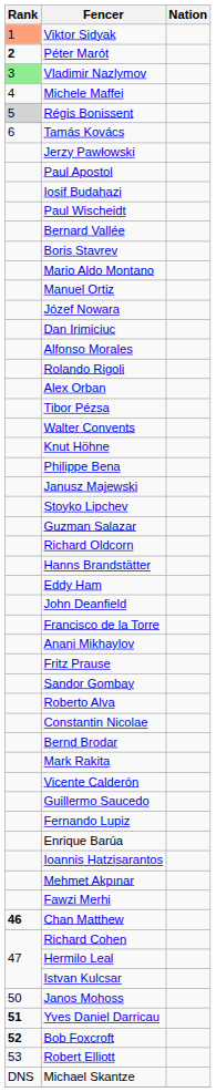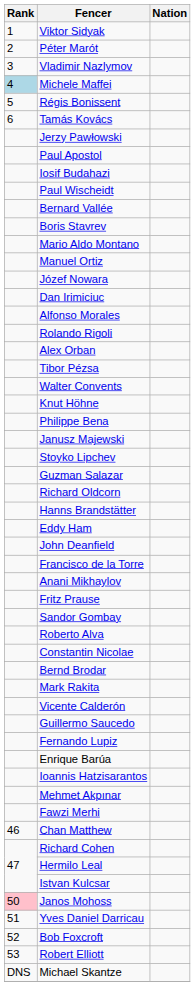 <table class="wikitable sortable" style="text-align: left;">
 <tr>
 <th>Rank</th>
 <th>Fencer</th>
 <th>Nation</th>
 </tr>
 <tr>
-<td style="background: lightsalmon;">1</td>
+<td>1</td>
 <td align=left><a href='#'>Viktor Sidyak</a></td>
 <td align=left></td>
 </tr>
 <tr>
-<td><strong>2</strong></td>
+<td>2</td>
 <td align=left><a href='#'>Péter Marót</a></td>
 <td align=left></td>
 </tr>
 <tr>
-<td style="background: lightgreen;">3</td>
+<td>3</td>
 <td align=left><a href='#'>Vladimir Nazlymov</a></td>
 <td align=left></td>
 </tr>
 <tr>
-<td>4</td>
+<td style="background: lightblue;">4</td>
 <td align=left><a href='#'>Michele Maffei</a></td>
 <td align=left></td>
 </tr>
 <tr>
-<td style="background: lightgrey;">5</td>
+<td>5</td>
 <td align=left><a href='#'>Régis Bonissent</a></td>
 <td align=left></td>
 </tr>
 <tr>
 <td>6</td>
 <td align=left><a href='#'>Tamás Kovács</a></td>
 <td align=left></td>
 </tr>
 <tr>
 <td></td>
 <td align=left><a href='#'>Jerzy Pawłowski</a></td>
 <td align=left></td>
 </tr>
 <tr>
 <td></td>
 <td align=left><a href='#'>Paul Apostol</a></td>
 <td align=left></td>
 </tr>
 <tr>
 <td></td>
 <td align=left><a href='#'>Iosif Budahazi</a></td>
 <td align=left></td>
 </tr>
 <tr>
 <td></td>
 <td align=left><a href='#'>Paul Wischeidt</a></td>
 <td align=left></td>
 </tr>
 <tr>
 <td></td>
 <td align=left><a href='#'>Bernard Vallée</a></td>
 <td align=left></td>
 </tr>
 <tr>
 <td></td>
 <td align=left><a href='#'>Boris Stavrev</a></td>
 <td align=left></td>
 </tr>
 <tr>
 <td></td>
 <td align=left><a href='#'>Mario Aldo Montano</a></td>
 <td align=left></td>
 </tr>
 <tr>
 <td></td>
 <td align=left><a href='#'>Manuel Ortiz</a></td>
 <td align=left></td>
 </tr>
 <tr>
 <td></td>
 <td align=left><a href='#'>Józef Nowara</a></td>
 <td align=left></td>
 </tr>
 <tr>
 <td></td>
 <td align=left><a href='#'>Dan Irimiciuc</a></td>
 <td align=left></td>
 </tr>
 <tr>
 <td></td>
 <td align=left><a href='#'>Alfonso Morales</a></td>
 <td align=left></td>
 </tr>
 <tr>
 <td></td>
 <td align=left><a href='#'>Rolando Rigoli</a></td>
 <td align=left></td>
 </tr>
 <tr>
 <td></td>
 <td align=left><a href='#'>Alex Orban</a></td>
 <td align=left></td>
 </tr>
 <tr>
 <td></td>
 <td align=left><a href='#'>Tibor Pézsa</a></td>
 <td align=left></td>
 </tr>
 <tr>
 <td></td>
 <td align=left><a href='#'>Walter Convents</a></td>
 <td align=left></td>
 </tr>
 <tr>
 <td></td>
 <td align=left><a href='#'>Knut Höhne</a></td>
 <td align=left></td>
 </tr>
 <tr>
 <td></td>
 <td align=left><a href='#'>Philippe Bena</a></td>
 <td align=left></td>
 </tr>
 <tr>
 <td></td>
 <td align=left><a href='#'>Janusz Majewski</a></td>
 <td align=left></td>
 </tr>
 <tr>
 <td></td>
 <td align=left><a href='#'>Stoyko Lipchev</a></td>
 <td align=left></td>
 </tr>
 <tr>
 <td></td>
 <td align=left><a href='#'>Guzman Salazar</a></td>
 <td align=left></td>
 </tr>
 <tr>
 <td></td>
 <td align=left><a href='#'>Richard Oldcorn</a></td>
 <td align=left></td>
 </tr>
 <tr>
 <td></td>
 <td align=left><a href='#'>Hanns Brandstätter</a></td>
 <td align=left></td>
 </tr>
 <tr>
 <td></td>
 <td align=left><a href='#'>Eddy Ham</a></td>
 <td align=left></td>
 </tr>
 <tr>
 <td></td>
 <td align=left><a href='#'>John Deanfield</a></td>
 <td align=left></td>
 </tr>
 <tr>
 <td></td>
 <td align=left><a href='#'>Francisco de la Torre</a></td>
 <td align=left></td>
 </tr>
 <tr>
 <td></td>
 <td align=left><a href='#'>Anani Mikhaylov</a></td>
 <td align=left></td>
 </tr>
 <tr>
 <td></td>
 <td align=left><a href='#'>Fritz Prause</a></td>
 <td align=left></td>
 </tr>
 <tr>
 <td></td>
 <td align=left><a href='#'>Sandor Gombay</a></td>
 <td align=left></td>
 </tr>
 <tr>
 <td></td>
 <td align=left><a href='#'>Roberto Alva</a></td>
 <td align=left></td>
 </tr>
 <tr>
 <td></td>
 <td align=left><a href='#'>Constantin Nicolae</a></td>
 <td align=left></td>
 </tr>
 <tr>
 <td></td>
 <td align=left><a href='#'>Bernd Brodar</a></td>
 <td align=left></td>
 </tr>
 <tr>
 <td></td>
 <td align=left><a href='#'>Mark Rakita</a></td>
 <td align=left></td>
 </tr>
 <tr>
 <td></td>
 <td align=left><a href='#'>Vicente Calderón</a></td>
 <td align=left></td>
 </tr>
 <tr>
 <td></td>
 <td align=left><a href='#'>Guillermo Saucedo</a></td>
 <td align=left></td>
 </tr>
 <tr>
 <td></td>
 <td align=left><a href='#'>Fernando Lupiz</a></td>
 <td align=left></td>
 </tr>
 <tr>
 <td></td>
 <td align=left>Enrique Barúa</td>
 <td align=left></td>
 </tr>
 <tr>
 <td></td>
 <td align=left><a href='#'>Ioannis Hatzisarantos</a></td>
 <td align=left></td>
 </tr>
 <tr>
 <td></td>
 <td align=left><a href='#'>Mehmet Akpınar</a></td>
 <td align=left></td>
 </tr>
 <tr>
 <td></td>
 <td align="left"><a href='#'>Fawzi Merhi</a></td>
 <td align="left"></td>
 </tr>
 <tr>
-<td><strong>46</strong></td>
+<td>46</td>
 <td align=left><a href='#'>Chan Matthew</a></td>
 <td align=left></td>
 </tr>
 <tr>
 <td rowspan="3">47</td>
 <td align="left"><a href='#'>Richard Cohen</a></td>
 <td align="left"></td>
 </tr>
 <tr>
 <td align="left"><a href='#'>Hermilo Leal</a></td>
 <td align="left"></td>
 </tr>
 <tr>
 <td align="left"><a href='#'>Istvan Kulcsar</a></td>
 <td align="left"></td>
 </tr>
 <tr>
-<td>50</td>
+<td style="background: pink;">50</td>
 <td align="left"><a href='#'>Janos Mohoss</a></td>
 <td align="left"></td>
 </tr>
 <tr>
-<td><strong>51</strong></td>
+<td>51</td>
 <td align="left"><a href='#'>Yves Daniel Darricau</a></td>
 <td align="left"></td>
 </tr>
 <tr>
-<td><strong>52</strong></td>
+<td>52</td>
 <td align="left"><a href='#'>Bob Foxcroft</a></td>
 <td align="left"></td>
 </tr>
 <tr>
 <td>53</td>
 <td align="left"><a href='#'>Robert Elliott</a></td>
 <td align="left"></td>
 </tr>
 <tr>
 <td>DNS</td>
 <td>Michael Skantze</td>
 <td></td>
 </tr>
 <tr>
 </tr>
 </table>
